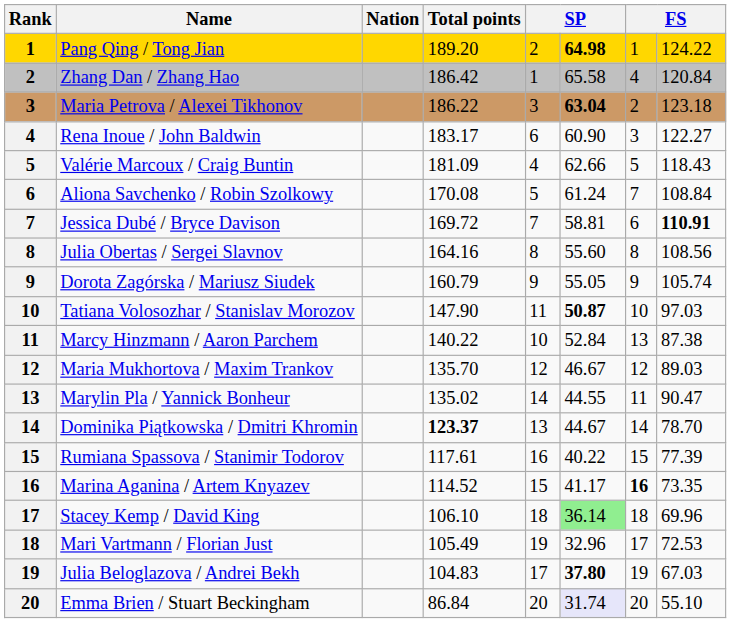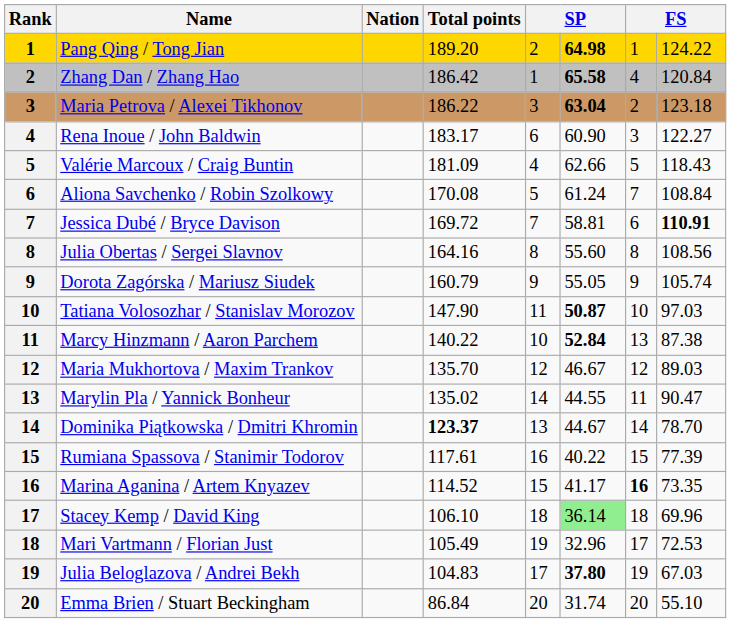 <table class="wikitable">
 <tr>
 <th>Rank</th>
 <th>Name</th>
 <th>Nation</th>
 <th>Total points</th>
 <th colspan="2" width="80px"><a href='#'>SP</a></th>
 <th colspan="2" width="80px"><a href='#'>FS</a></th>
 </tr>
 <tr bgcolor=gold>
 <td align=center><strong>1</strong></td>
 <td><a href='#'>Pang Qing</a> / <a href='#'>Tong Jian</a></td>
 <td></td>
 <td>189.20</td>
 <td>2</td>
 <td><strong>64.98</strong></td>
 <td>1</td>
 <td>124.22</td>
 </tr>
 <tr bgcolor=silver>
 <td align=center><strong>2</strong></td>
 <td><a href='#'>Zhang Dan</a> / <a href='#'>Zhang Hao</a></td>
 <td></td>
 <td>186.42</td>
 <td>1</td>
-<td>65.58</td>
+<td><strong>65.58</strong></td>
 <td>4</td>
 <td>120.84</td>
 </tr>
 <tr bgcolor=cc9966>
 <td align=center><strong>3</strong></td>
 <td><a href='#'>Maria Petrova</a> / <a href='#'>Alexei Tikhonov</a></td>
 <td></td>
 <td>186.22</td>
 <td>3</td>
 <td><strong>63.04</strong></td>
 <td>2</td>
 <td>123.18</td>
 </tr>
 <tr>
 <th>4</th>
 <td><a href='#'>Rena Inoue</a> / <a href='#'>John Baldwin</a></td>
 <td></td>
 <td>183.17</td>
 <td>6</td>
 <td>60.90</td>
 <td>3</td>
 <td>122.27</td>
 </tr>
 <tr>
 <th>5</th>
 <td><a href='#'>Valérie Marcoux</a> / <a href='#'>Craig Buntin</a></td>
 <td></td>
 <td>181.09</td>
 <td>4</td>
 <td>62.66</td>
 <td>5</td>
 <td>118.43</td>
 </tr>
 <tr>
 <th>6</th>
 <td><a href='#'>Aliona Savchenko</a> / <a href='#'>Robin Szolkowy</a></td>
 <td></td>
 <td>170.08</td>
 <td>5</td>
 <td>61.24</td>
 <td>7</td>
 <td>108.84</td>
 </tr>
 <tr>
 <th>7</th>
 <td><a href='#'>Jessica Dubé</a> / <a href='#'>Bryce Davison</a></td>
 <td></td>
 <td>169.72</td>
 <td>7</td>
 <td>58.81</td>
 <td>6</td>
 <td><strong>110.91</strong></td>
 </tr>
 <tr>
 <th>8</th>
 <td><a href='#'>Julia Obertas</a> / <a href='#'>Sergei Slavnov</a></td>
 <td></td>
 <td>164.16</td>
 <td>8</td>
 <td>55.60</td>
 <td>8</td>
 <td>108.56</td>
 </tr>
 <tr>
 <th>9</th>
 <td><a href='#'>Dorota Zagórska</a> / <a href='#'>Mariusz Siudek</a></td>
 <td></td>
 <td>160.79</td>
 <td>9</td>
 <td>55.05</td>
 <td>9</td>
 <td>105.74</td>
 </tr>
 <tr>
 <th>10</th>
 <td><a href='#'>Tatiana Volosozhar</a> / <a href='#'>Stanislav Morozov</a></td>
 <td></td>
 <td>147.90</td>
 <td>11</td>
 <td><strong>50.87</strong></td>
 <td>10</td>
 <td>97.03</td>
 </tr>
 <tr>
 <th>11</th>
 <td><a href='#'>Marcy Hinzmann</a> / <a href='#'>Aaron Parchem</a></td>
 <td></td>
 <td>140.22</td>
 <td>10</td>
-<td>52.84</td>
+<td><strong>52.84</strong></td>
 <td>13</td>
 <td>87.38</td>
 </tr>
 <tr>
 <th>12</th>
 <td><a href='#'>Maria Mukhortova</a> / <a href='#'>Maxim Trankov</a></td>
 <td></td>
 <td>135.70</td>
 <td>12</td>
 <td>46.67</td>
 <td>12</td>
 <td>89.03</td>
 </tr>
 <tr>
 <th>13</th>
 <td><a href='#'>Marylin Pla</a> / <a href='#'>Yannick Bonheur</a></td>
 <td></td>
 <td>135.02</td>
 <td>14</td>
 <td>44.55</td>
 <td>11</td>
 <td>90.47</td>
 </tr>
 <tr>
 <th>14</th>
 <td><a href='#'>Dominika Piątkowska</a> / <a href='#'>Dmitri Khromin</a></td>
 <td></td>
 <td><strong>123.37</strong></td>
 <td>13</td>
 <td>44.67</td>
 <td>14</td>
 <td>78.70</td>
 </tr>
 <tr>
 <th>15</th>
 <td><a href='#'>Rumiana Spassova</a> / <a href='#'>Stanimir Todorov</a></td>
 <td></td>
 <td>117.61</td>
 <td>16</td>
 <td>40.22</td>
 <td>15</td>
 <td>77.39</td>
 </tr>
 <tr>
 <th>16</th>
 <td><a href='#'>Marina Aganina</a> / <a href='#'>Artem Knyazev</a></td>
 <td></td>
 <td>114.52</td>
 <td>15</td>
 <td>41.17</td>
 <td><strong>16</strong></td>
 <td>73.35</td>
 </tr>
 <tr>
 <th>17</th>
 <td><a href='#'>Stacey Kemp</a> / <a href='#'>David King</a></td>
 <td></td>
 <td>106.10</td>
 <td>18</td>
 <td style="background: lightgreen;">36.14</td>
 <td>18</td>
 <td>69.96</td>
 </tr>
 <tr>
 <th>18</th>
 <td><a href='#'>Mari Vartmann</a> / <a href='#'>Florian Just</a></td>
 <td></td>
 <td>105.49</td>
 <td>19</td>
 <td>32.96</td>
 <td>17</td>
 <td>72.53</td>
 </tr>
 <tr>
 <th>19</th>
 <td><a href='#'>Julia Beloglazova</a> / <a href='#'>Andrei Bekh</a></td>
 <td></td>
 <td>104.83</td>
 <td>17</td>
 <td><strong>37.80</strong></td>
 <td>19</td>
 <td>67.03</td>
 </tr>
 <tr>
 <th>20</th>
 <td><a href='#'>Emma Brien</a> / Stuart Beckingham</td>
 <td></td>
 <td>86.84</td>
 <td>20</td>
-<td style="background: lavender;">31.74</td>
+<td>31.74</td>
 <td>20</td>
 <td>55.10</td>
 </tr>
 </table>
